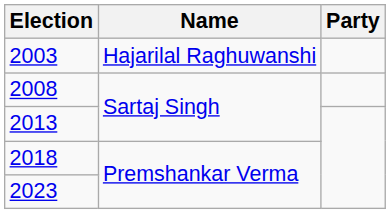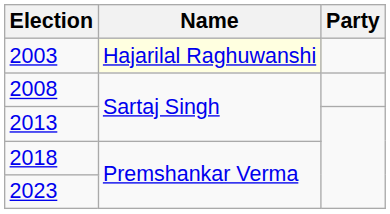 <table class="wikitable sortable">
 <tr>
 <th>Election</th>
 <th>Name</th>
 <th colspan=2>Party</th>
 </tr>
 <tr 1 .  S/O NANHU SINGH BANAPURA>
 <td><a href='#'>2003</a></td>
-<td><a href='#'>Hajarilal Raghuwanshi</a></td>
+<td style="background: lightyellow;"><a href='#'>Hajarilal Raghuwanshi</a></td>
 <td></td>
 </tr>
 <tr>
 <td><a href='#'>2008</a></td>
 <td rowspan=2><a href='#'>Sartaj Singh</a></td>
 <td></td>
 </tr>
 <tr>
 <td><a href='#'>2013</a></td>
 </tr>
 <tr>
 <td><a href='#'>2018</a></td>
 <td rowspan=2><a href='#'>Premshankar Verma</a></td>
 </tr>
 <tr>
 <td><a href='#'>2023</a></td>
 </tr>
 </table>
